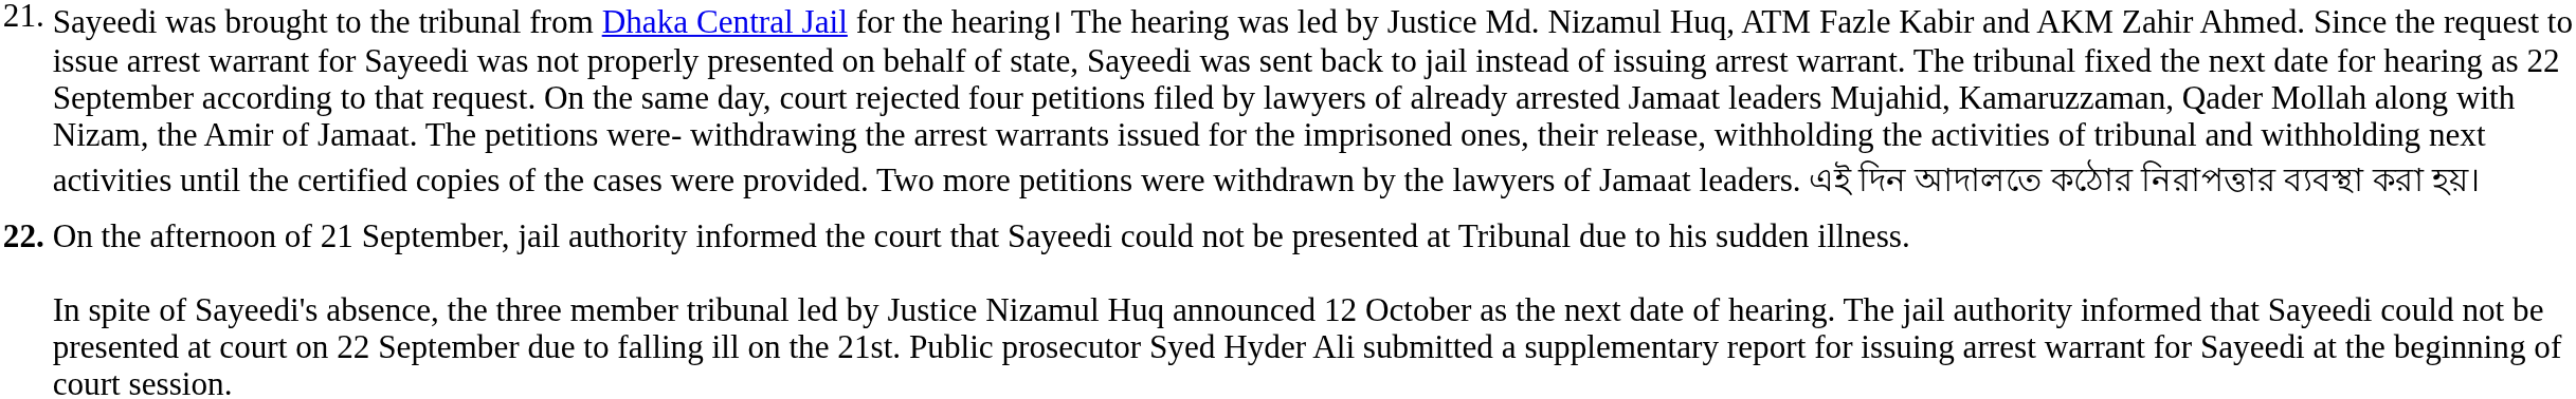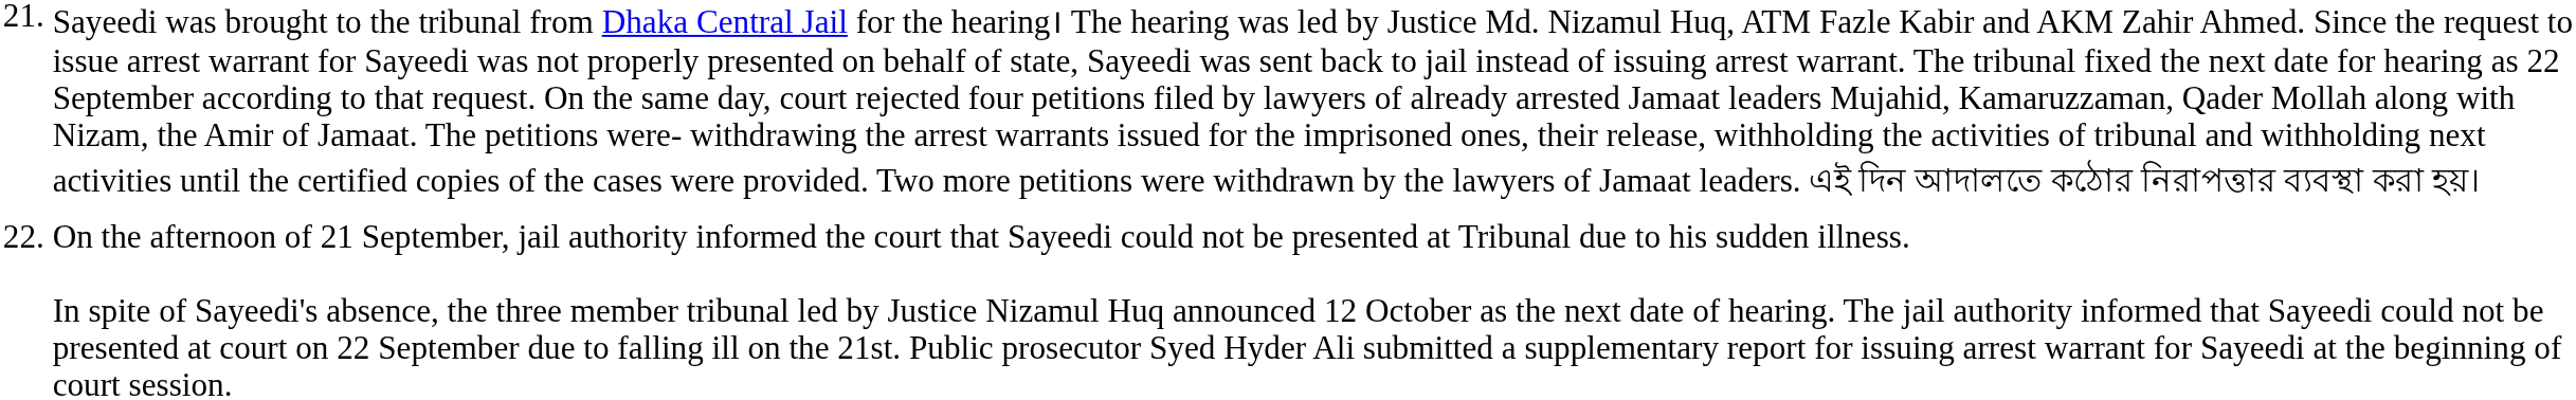 <table>
 <tr valign=top>
 <td>21.</td>
 <td>Sayeedi was brought to the tribunal from <a href='#'>Dhaka Central Jail</a> for the hearing। The hearing was led by Justice Md. Nizamul Huq, ATM Fazle Kabir and AKM Zahir Ahmed. Since the request to issue arrest warrant for Sayeedi was not properly presented on behalf of state, Sayeedi was sent back to jail instead of issuing arrest warrant. The tribunal fixed the next date for hearing as 22 September according to that request. On the same day, court rejected four petitions filed by lawyers of already arrested Jamaat leaders Mujahid, Kamaruzzaman, Qader Mollah along with Nizam, the Amir of Jamaat. The petitions were- withdrawing the arrest warrants issued for the imprisoned ones, their release, withholding the activities of tribunal and withholding next activities until the certified copies of the cases were provided. Two more petitions were withdrawn by the lawyers of Jamaat leaders. এই দিন আদালতে কঠোর নিরাপত্তার ব্যবস্থা করা হয়।</td>
 </tr>
 <tr valign=top>
-<td><strong>22.</strong></td>
+<td>22.</td>
 <td>On the afternoon of 21 September, jail authority informed the court that Sayeedi could not be presented at Tribunal due to his sudden illness.<br><br>In spite of Sayeedi's absence, the three member tribunal led by Justice Nizamul Huq announced 12 October as the next date of hearing. The jail authority informed that Sayeedi could not be presented at court on 22 September due to falling ill on the 21st. Public prosecutor Syed Hyder Ali submitted a supplementary report for issuing arrest warrant for Sayeedi at the beginning of court session.</td>
 </tr>
 </table>
